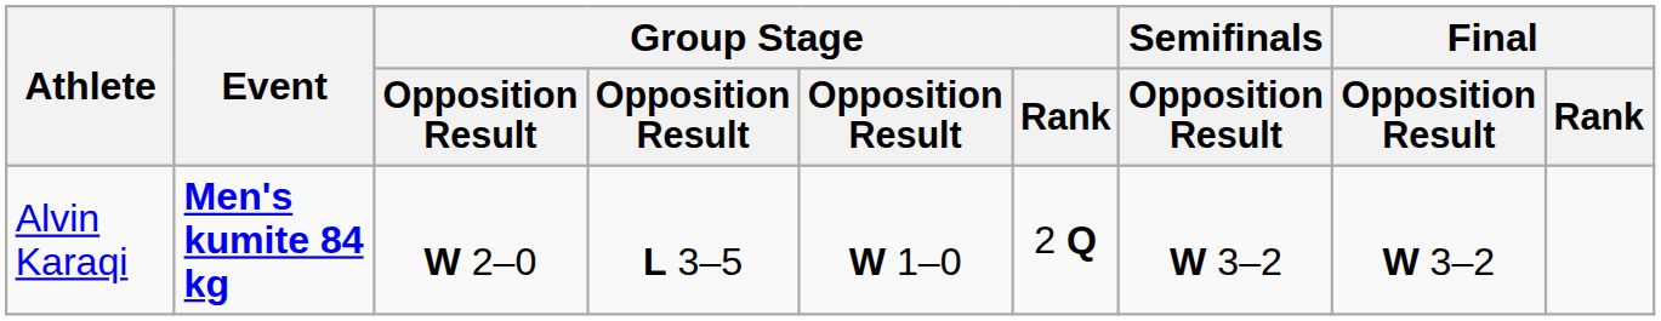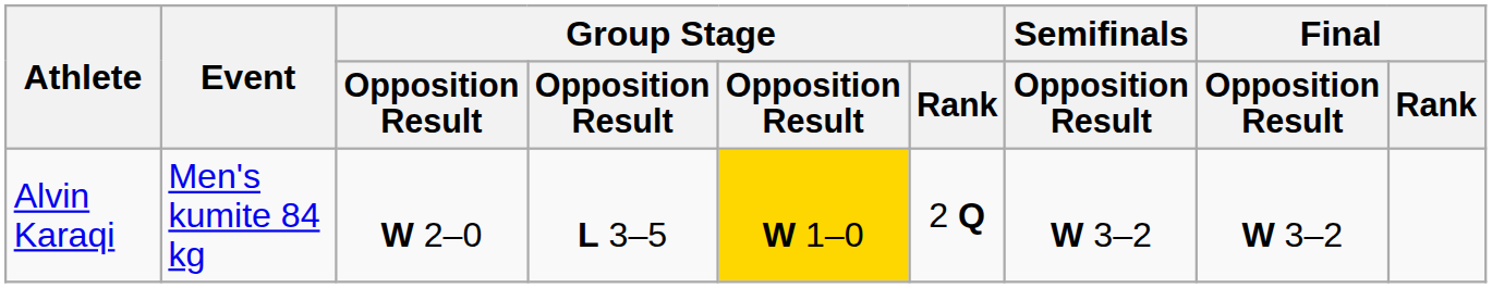 <table class="wikitable" style="text-align:center; font-size:90%">
 <tr>
 <th rowspan="2">Athlete</th>
 <th rowspan="2">Event</th>
 <th colspan="4">Group Stage</th>
 <th>Semifinals</th>
 <th colspan="2">Final</th>
 </tr>
 <tr style="font-size:95%">
 <th>Opposition<br>Result</th>
 <th>Opposition<br>Result</th>
 <th>Opposition<br>Result</th>
 <th>Rank</th>
 <th>Opposition<br>Result</th>
 <th>Opposition<br>Result</th>
 <th>Rank</th>
 </tr>
 <tr>
 <td align="left"><a href='#'>Alvin Karaqi</a></td>
-<td align="left"><strong><a href='#'>Men's kumite 84 kg</a></strong></td>
+<td align="left"><a href='#'>Men's kumite 84 kg</a></td>
 <td><br><strong>W</strong> 2–0</td>
 <td><br><strong>L</strong> 3–5</td>
-<td><br><strong>W</strong> 1–0</td>
+<td style="background: gold;"><br><strong>W</strong> 1–0</td>
 <td>2 <strong>Q</strong></td>
 <td><br><strong>W</strong> 3–2</td>
 <td><br><strong>W</strong> 3–2</td>
 <td></td>
 </tr>
 </table>
